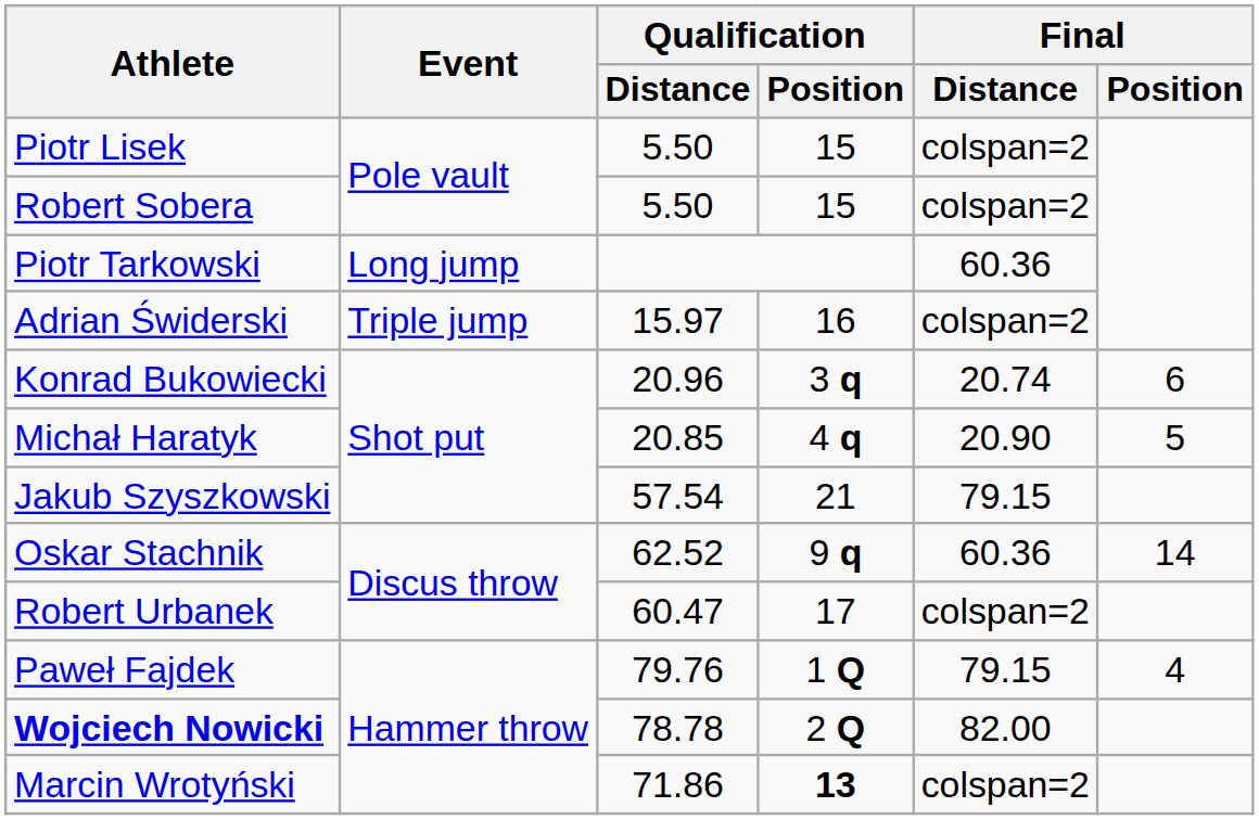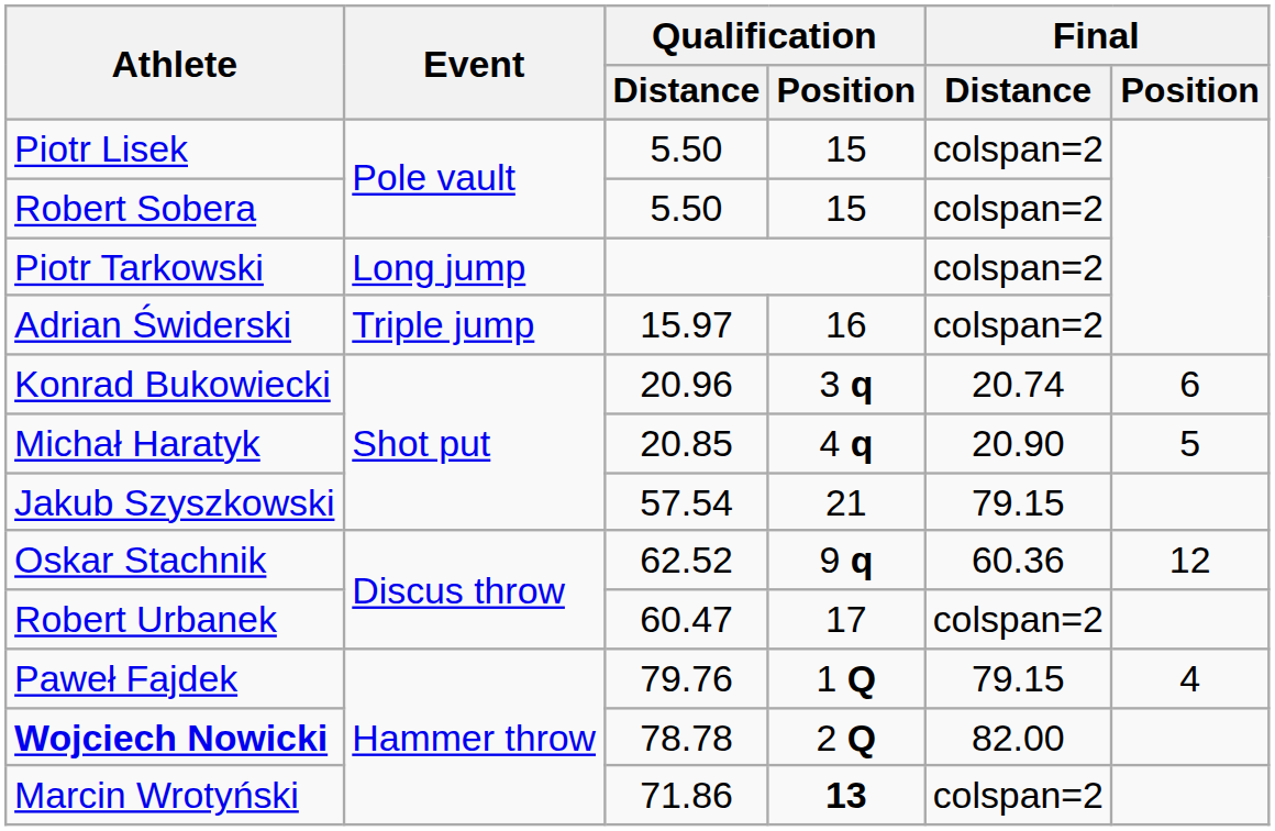 <table class="wikitable" style="font-size:90%">
 <tr>
 <th rowspan="2">Athlete</th>
 <th rowspan="2">Event</th>
 <th colspan="2">Qualification</th>
 <th colspan="2">Final</th>
 </tr>
 <tr style="font-size:95%">
 <th>Distance</th>
 <th>Position</th>
 <th>Distance</th>
 <th>Position</th>
 </tr>
 <tr align="center">
 <td align="left"><a href='#'>Piotr Lisek</a></td>
 <td rowspan="2" align="left"><a href='#'>Pole vault</a></td>
 <td>5.50</td>
 <td>15</td>
 <td>colspan=2 </td>
 </tr>
 <tr align="center">
 <td align="left"><a href='#'>Robert Sobera</a></td>
 <td>5.50</td>
 <td>15</td>
 <td>colspan=2 </td>
 </tr>
 <tr align="center">
 <td align="left"><a href='#'>Piotr Tarkowski</a></td>
 <td align="left"><a href='#'>Long jump</a></td>
 <td colspan=2></td>
-<td>60.36</td>
+<td>colspan=2 </td>
 </tr>
 <tr align="center">
 <td align="left"><a href='#'>Adrian Świderski</a></td>
 <td align="left"><a href='#'>Triple jump</a></td>
 <td>15.97</td>
 <td>16</td>
 <td>colspan=2 </td>
 </tr>
 <tr align="center">
 <td align="left"><a href='#'>Konrad Bukowiecki</a></td>
 <td align="left" rowspan=3><a href='#'>Shot put</a></td>
 <td>20.96</td>
 <td>3 <strong>q</strong></td>
 <td>20.74</td>
 <td>6</td>
 </tr>
 <tr align="center">
 <td align="left"><a href='#'>Michał Haratyk</a></td>
 <td>20.85</td>
 <td>4 <strong>q</strong></td>
 <td>20.90</td>
 <td>5</td>
 </tr>
 <tr align="center">
 <td align="left"><a href='#'>Jakub Szyszkowski</a></td>
 <td>57.54</td>
 <td>21</td>
 <td>79.15</td>
 </tr>
 <tr align="center">
 <td align="left"><a href='#'>Oskar Stachnik</a></td>
 <td align="left" rowspan=2><a href='#'>Discus throw</a></td>
 <td>62.52</td>
 <td>9 <strong>q</strong></td>
 <td>60.36</td>
-<td>14</td>
+<td>12</td>
 </tr>
 <tr align="center">
 <td align="left"><a href='#'>Robert Urbanek</a></td>
 <td>60.47</td>
 <td>17</td>
 <td>colspan=2 </td>
 </tr>
 <tr align="center">
 <td align="left"><a href='#'>Paweł Fajdek</a></td>
 <td rowspan="3" align="left"><a href='#'>Hammer throw</a></td>
 <td>79.76</td>
 <td>1 <strong>Q</strong></td>
 <td>79.15</td>
 <td>4</td>
 </tr>
 <tr align="center">
 <td align="left"><strong><a href='#'>Wojciech Nowicki</a></strong></td>
 <td>78.78</td>
 <td>2 <strong>Q</strong></td>
 <td>82.00 </td>
 <td></td>
 </tr>
 <tr align="center">
 <td align="left"><a href='#'>Marcin Wrotyński</a></td>
 <td>71.86</td>
 <td><strong>13</strong></td>
 <td>colspan=2 </td>
 </tr>
 </table>
